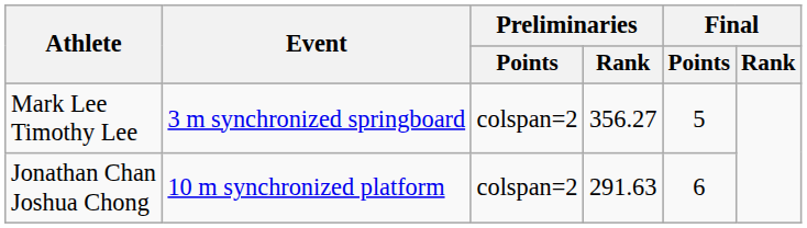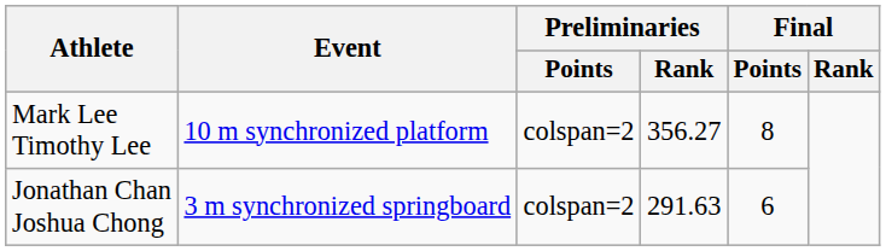 <table class=wikitable style=font-size:90%;text-align:center>
 <tr>
 <th rowspan="2">Athlete</th>
 <th rowspan="2">Event</th>
 <th colspan="2">Preliminaries</th>
 <th colspan="2">Final</th>
 </tr>
 <tr style="font-size:95%">
 <th>Points</th>
 <th>Rank</th>
 <th>Points</th>
 <th>Rank</th>
 </tr>
 <tr>
 <td align=left>Mark Lee<br>Timothy Lee</td>
-<td align=left><a href='#'>3 m synchronized springboard</a></td>
+<td align=left><a href='#'>10 m synchronized platform</a></td>
 <td>colspan=2 </td>
 <td>356.27</td>
-<td>5</td>
+<td>8</td>
 </tr>
 <tr>
 <td align=left>Jonathan Chan<br>Joshua Chong</td>
-<td align=left><a href='#'>10 m synchronized platform</a></td>
+<td align=left><a href='#'>3 m synchronized springboard</a></td>
 <td>colspan=2 </td>
 <td>291.63</td>
 <td>6</td>
 </tr>
 </table>
